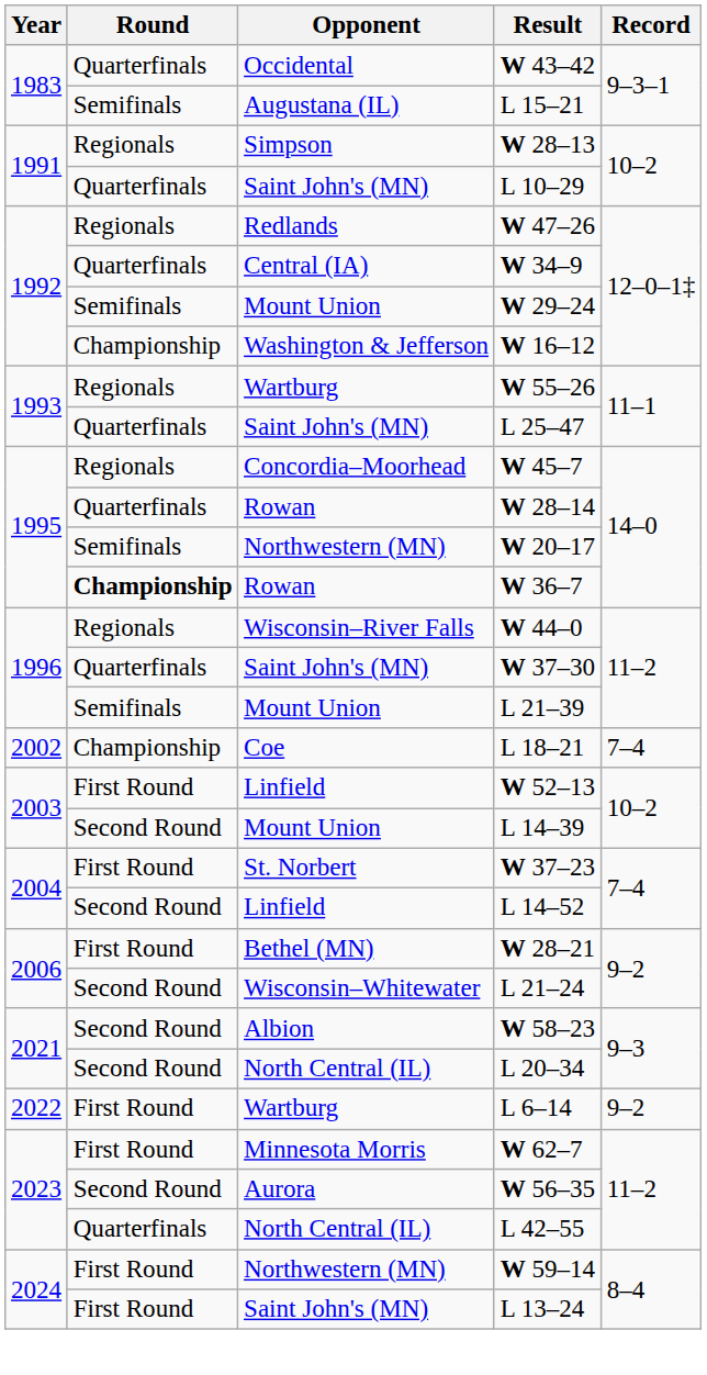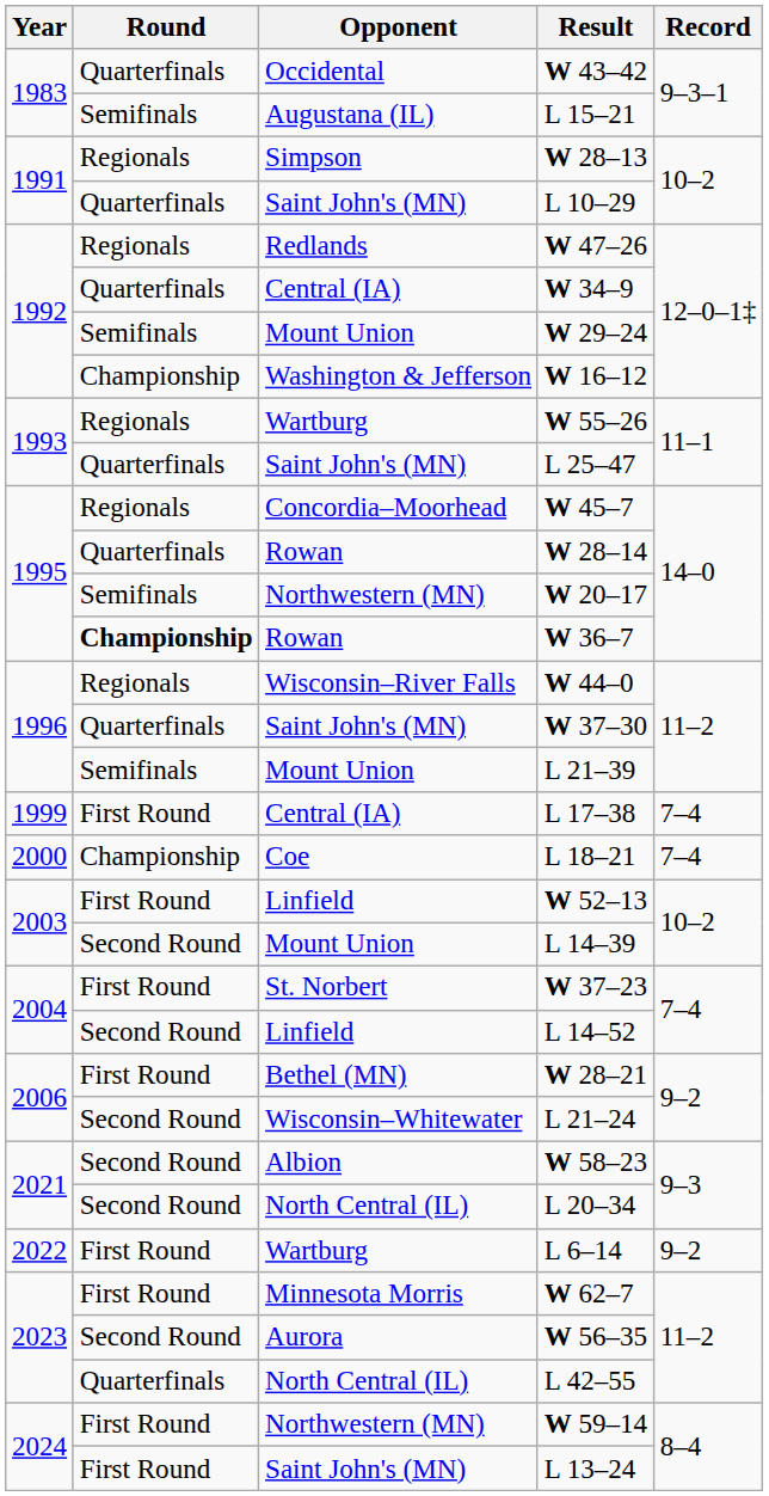 <table class="wikitable">
 <tr>
 <th width=px>Year</th>
 <th width=px>Round</th>
 <th width=px>Opponent</th>
 <th width=px>Result</th>
 <th width=px>Record</th>
 </tr>
 <tr>
 <td rowspan="2"><a href='#'>1983</a></td>
 <td>Quarterfinals</td>
 <td><a href='#'>Occidental</a></td>
 <td><strong>W</strong> 43–42</td>
 <td rowspan="2">9–3–1</td>
 </tr>
 <tr>
 <td>Semifinals</td>
 <td><a href='#'>Augustana (IL)</a></td>
 <td>L 15–21</td>
 </tr>
 <tr>
 <td rowspan="2"><a href='#'>1991</a></td>
 <td>Regionals</td>
 <td><a href='#'>Simpson</a></td>
 <td><strong>W</strong> 28–13</td>
 <td rowspan="2">10–2</td>
 </tr>
 <tr>
 <td>Quarterfinals</td>
 <td><a href='#'>Saint John's (MN)</a></td>
 <td>L 10–29</td>
 </tr>
 <tr>
 <td rowspan="4"><a href='#'>1992</a></td>
 <td>Regionals</td>
 <td><a href='#'>Redlands</a></td>
 <td><strong>W</strong> 47–26</td>
 <td rowspan="4">12–0–1‡</td>
 </tr>
 <tr>
 <td>Quarterfinals</td>
 <td><a href='#'>Central (IA)</a></td>
 <td><strong>W</strong> 34–9</td>
 </tr>
 <tr>
 <td>Semifinals</td>
 <td><a href='#'>Mount Union</a></td>
 <td><strong>W</strong> 29–24</td>
 </tr>
 <tr>
 <td>Championship</td>
 <td><a href='#'>Washington & Jefferson</a></td>
 <td><strong>W</strong> 16–12</td>
 </tr>
 <tr>
 <td rowspan="2"><a href='#'>1993</a></td>
 <td>Regionals</td>
 <td><a href='#'>Wartburg</a></td>
 <td><strong>W</strong> 55–26</td>
 <td rowspan="2">11–1</td>
 </tr>
 <tr>
 <td>Quarterfinals</td>
 <td><a href='#'>Saint John's (MN)</a></td>
 <td>L 25–47</td>
 </tr>
 <tr>
 <td rowspan="4"><a href='#'>1995</a></td>
 <td>Regionals</td>
 <td><a href='#'>Concordia–Moorhead</a></td>
 <td><strong>W</strong> 45–7</td>
 <td rowspan="4">14–0</td>
 </tr>
 <tr>
 <td>Quarterfinals</td>
 <td><a href='#'>Rowan</a></td>
 <td><strong>W</strong> 28–14</td>
 </tr>
 <tr>
 <td>Semifinals</td>
 <td><a href='#'>Northwestern (MN)</a></td>
 <td><strong>W</strong> 20–17</td>
 </tr>
 <tr>
 <td><strong>Championship</strong></td>
 <td><a href='#'>Rowan</a></td>
 <td><strong>W</strong> 36–7</td>
 </tr>
 <tr>
 <td rowspan="3"><a href='#'>1996</a></td>
 <td>Regionals</td>
 <td><a href='#'>Wisconsin–River Falls</a></td>
 <td><strong>W</strong> 44–0</td>
 <td rowspan="3">11–2</td>
 </tr>
 <tr>
 <td>Quarterfinals</td>
 <td><a href='#'>Saint John's (MN)</a></td>
 <td><strong>W</strong> 37–30</td>
 </tr>
 <tr>
 <td>Semifinals</td>
 <td><a href='#'>Mount Union</a></td>
 <td>L 21–39</td>
 </tr>
 <tr>
-<td><a href='#'>2002</a></td>
+<td><a href='#'>1999</a></td>
+<td>First Round</td>
+<td><a href='#'>Central (IA)</a></td>
+<td>L 17–38</td>
+<td>7–4</td>
+</tr>
+<tr>
+<td><a href='#'>2000</a></td>
 <td>Championship</td>
 <td><a href='#'>Coe</a></td>
 <td>L 18–21</td>
 <td>7–4</td>
 </tr>
 <tr>
 <td rowspan="2"><a href='#'>2003</a></td>
 <td>First Round</td>
 <td><a href='#'>Linfield</a></td>
 <td><strong>W</strong> 52–13</td>
 <td rowspan="2">10–2</td>
 </tr>
 <tr>
 <td>Second Round</td>
 <td><a href='#'>Mount Union</a></td>
 <td>L 14–39</td>
 </tr>
 <tr>
 <td rowspan="2"><a href='#'>2004</a></td>
 <td>First Round</td>
 <td><a href='#'>St. Norbert</a></td>
 <td><strong>W</strong> 37–23</td>
 <td rowspan="2">7–4</td>
 </tr>
 <tr>
 <td>Second Round</td>
 <td><a href='#'>Linfield</a></td>
 <td>L 14–52</td>
 </tr>
 <tr>
 <td rowspan="2"><a href='#'>2006</a></td>
 <td>First Round</td>
 <td><a href='#'>Bethel (MN)</a></td>
 <td><strong>W</strong> 28–21</td>
 <td rowspan="2">9–2</td>
 </tr>
 <tr>
 <td>Second Round</td>
 <td><a href='#'>Wisconsin–Whitewater</a></td>
 <td>L 21–24</td>
 </tr>
 <tr>
 <td rowspan="2"><a href='#'>2021</a></td>
 <td>Second Round</td>
 <td><a href='#'>Albion</a></td>
 <td><strong>W</strong> 58–23</td>
 <td rowspan="2">9–3</td>
 </tr>
 <tr>
 <td>Second Round</td>
 <td><a href='#'>North Central (IL)</a></td>
 <td>L 20–34</td>
 </tr>
 <tr>
 <td><a href='#'>2022</a></td>
 <td>First Round</td>
 <td><a href='#'>Wartburg</a></td>
 <td>L 6–14</td>
 <td>9–2</td>
 </tr>
 <tr>
 <td rowspan="3"><a href='#'>2023</a></td>
 <td>First Round</td>
 <td><a href='#'>Minnesota Morris</a></td>
 <td><strong>W</strong> 62–7</td>
 <td rowspan="3">11–2</td>
 </tr>
 <tr>
 <td>Second Round</td>
 <td><a href='#'>Aurora</a></td>
 <td><strong>W</strong> 56–35</td>
 </tr>
 <tr>
 <td>Quarterfinals</td>
 <td><a href='#'>North Central (IL)</a></td>
 <td>L 42–55</td>
 </tr>
 <tr>
 <td rowspan="2"><a href='#'>2024</a></td>
 <td>First Round</td>
 <td><a href='#'>Northwestern (MN)</a></td>
 <td><strong>W</strong> 59–14</td>
 <td rowspan="2">8–4</td>
 </tr>
 <tr>
 <td>First Round</td>
 <td><a href='#'>Saint John's (MN)</a></td>
 <td>L 13–24</td>
 </tr>
 </table>
